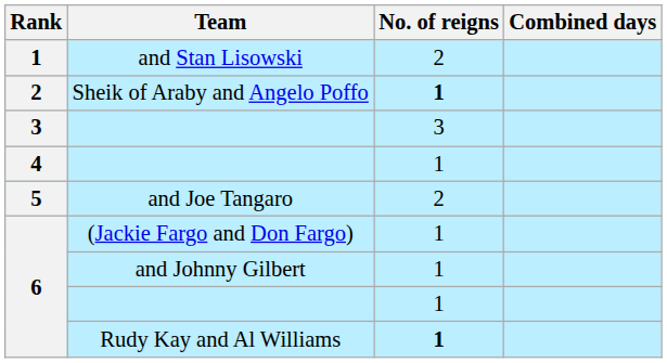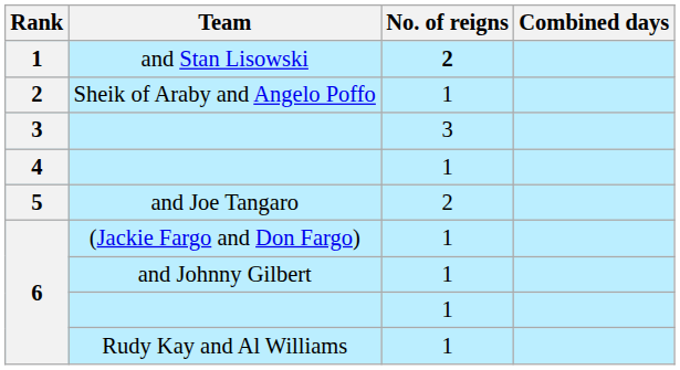 <table class="wikitable sortable" style="text-align: center">
 <tr>
 <th data-sort-type="number" scope="col">Rank</th>
 <th scope="col">Team</th>
 <th data-sort-type="number" scope="col">No. of reigns</th>
 <th data-sort-type="number" scope="col">Combined days</th>
 </tr>
 <tr style="background-color:#bbeeff">
 <th scope=row>1</th>
 <td> and <a href='#'>Stan Lisowski</a></td>
-<td>2</td>
+<td><strong>2</strong></td>
 <td></td>
 </tr>
 <tr style="background-color:#bbeeff">
 <th scope=row>2</th>
 <td>Sheik of Araby and <a href='#'>Angelo Poffo</a></td>
-<td><strong>1</strong></td>
+<td>1</td>
 <td></td>
 </tr>
 <tr style="background-color:#bbeeff">
 <th scope=row>3</th>
 <td></td>
 <td>3</td>
 <td></td>
 </tr>
 <tr style="background-color:#bbeeff">
 <th scope=row>4</th>
 <td></td>
 <td>1</td>
 <td></td>
 </tr>
 <tr style="background-color:#bbeeff">
 <th scope=row>5</th>
 <td> and Joe Tangaro</td>
 <td>2</td>
 <td></td>
 </tr>
 <tr style="background-color:#bbeeff">
 <th scope=row rowspan=4>6</th>
 <td> (<a href='#'>Jackie Fargo</a> and <a href='#'>Don Fargo</a>)</td>
 <td>1</td>
 <td></td>
 </tr>
 <tr style="background-color:#bbeeff">
 <td> and Johnny Gilbert</td>
 <td>1</td>
 <td></td>
 </tr>
 <tr style="background-color:#bbeeff">
 <td></td>
 <td>1</td>
 <td></td>
 </tr>
 <tr style="background-color:#bbeeff">
 <td>Rudy Kay and Al Williams</td>
-<td><strong>1</strong></td>
+<td>1</td>
 <td></td>
 </tr>
 </table>
